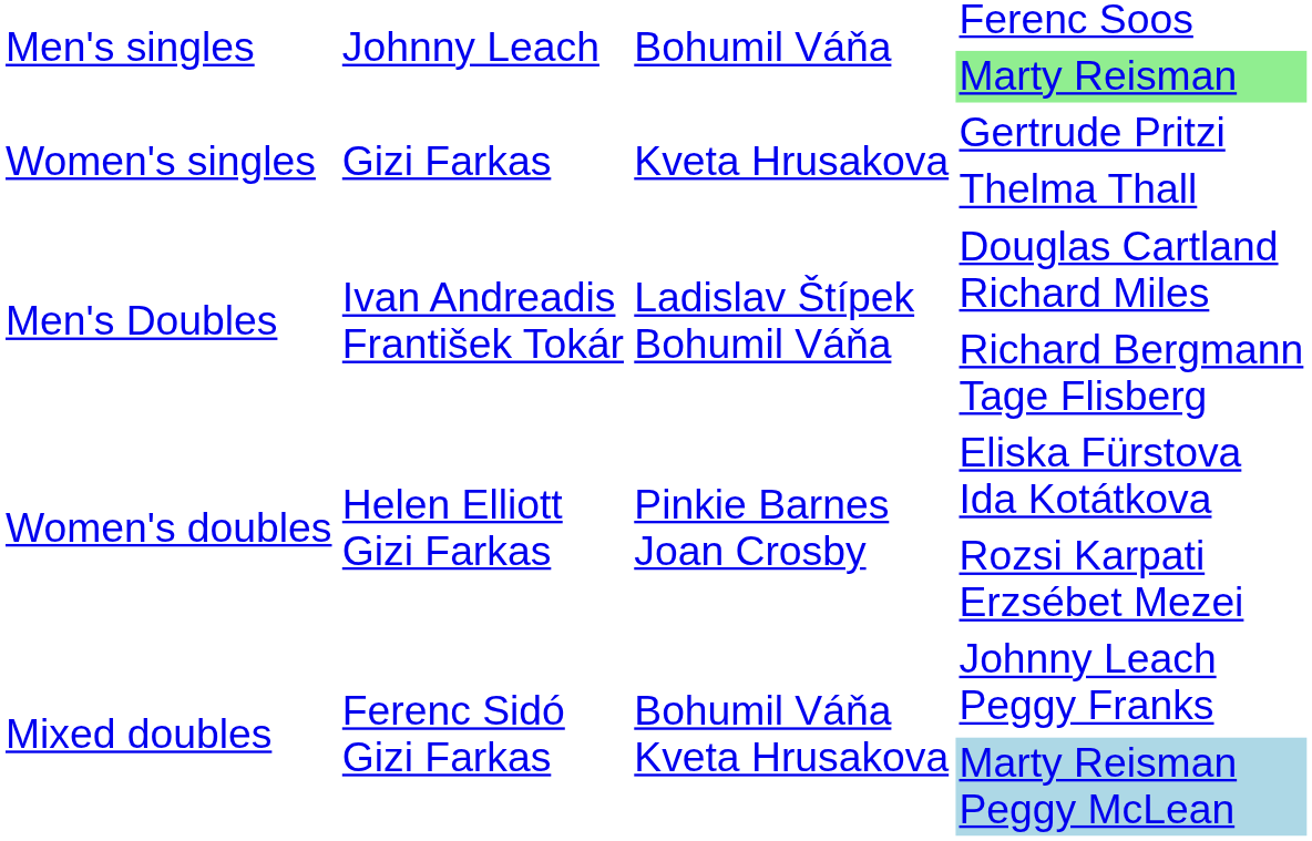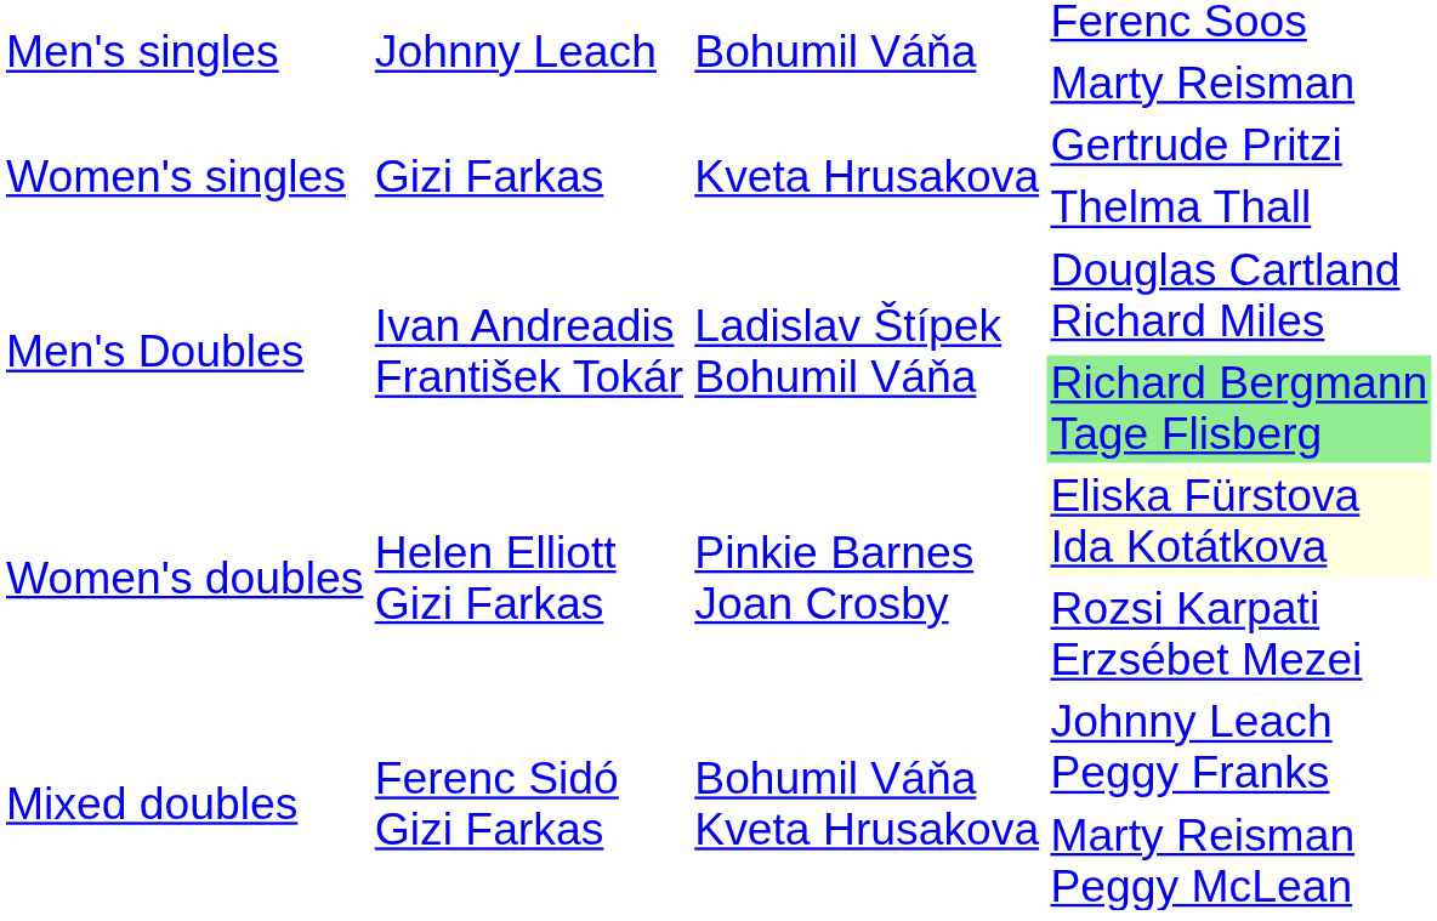 <table>
 <tr>
 <td rowspan=2><a href='#'>Men's singles</a></td>
 <td rowspan=2> <a href='#'>Johnny Leach</a></td>
 <td rowspan=2> <a href='#'>Bohumil Váňa</a></td>
 <td> <a href='#'>Ferenc Soos</a></td>
 </tr>
 <tr>
-<td style="background: lightgreen;"> <a href='#'>Marty Reisman</a></td>
+<td> <a href='#'>Marty Reisman</a></td>
 </tr>
 <tr>
 <td rowspan=2><a href='#'>Women's singles</a></td>
 <td rowspan=2> <a href='#'>Gizi Farkas</a></td>
 <td rowspan=2> <a href='#'>Kveta Hrusakova</a></td>
 <td> <a href='#'>Gertrude Pritzi</a></td>
 </tr>
 <tr>
 <td> <a href='#'>Thelma Thall</a></td>
 </tr>
 <tr>
 <td rowspan=2><a href='#'>Men's Doubles</a></td>
 <td rowspan=2> <a href='#'>Ivan Andreadis</a><br> <a href='#'>František Tokár</a></td>
 <td rowspan=2> <a href='#'>Ladislav Štípek</a><br> <a href='#'>Bohumil Váňa</a></td>
 <td> <a href='#'>Douglas Cartland</a><br> <a href='#'>Richard Miles</a></td>
 </tr>
 <tr>
-<td> <a href='#'>Richard Bergmann</a><br> <a href='#'>Tage Flisberg</a></td>
+<td style="background: lightgreen;"> <a href='#'>Richard Bergmann</a><br> <a href='#'>Tage Flisberg</a></td>
 </tr>
 <tr>
 <td rowspan=2><a href='#'>Women's doubles</a></td>
 <td rowspan=2> <a href='#'>Helen Elliott</a><br> <a href='#'>Gizi Farkas</a></td>
 <td rowspan=2> <a href='#'>Pinkie Barnes</a><br> <a href='#'>Joan Crosby</a></td>
-<td> <a href='#'>Eliska Fürstova</a><br> <a href='#'>Ida Kotátkova</a></td>
+<td style="background: lightyellow;"> <a href='#'>Eliska Fürstova</a><br> <a href='#'>Ida Kotátkova</a></td>
 </tr>
 <tr>
 <td> <a href='#'>Rozsi Karpati</a><br> <a href='#'>Erzsébet Mezei</a></td>
 </tr>
 <tr>
 <td rowspan=2><a href='#'>Mixed doubles</a></td>
 <td rowspan=2> <a href='#'>Ferenc Sidó</a><br> <a href='#'>Gizi Farkas</a></td>
 <td rowspan=2> <a href='#'>Bohumil Váňa</a><br> <a href='#'>Kveta Hrusakova</a></td>
 <td> <a href='#'>Johnny Leach</a><br> <a href='#'>Peggy Franks</a></td>
 </tr>
 <tr>
-<td style="background: lightblue;"> <a href='#'>Marty Reisman</a><br> <a href='#'>Peggy McLean</a></td>
+<td> <a href='#'>Marty Reisman</a><br> <a href='#'>Peggy McLean</a></td>
 </tr>
 </table>
